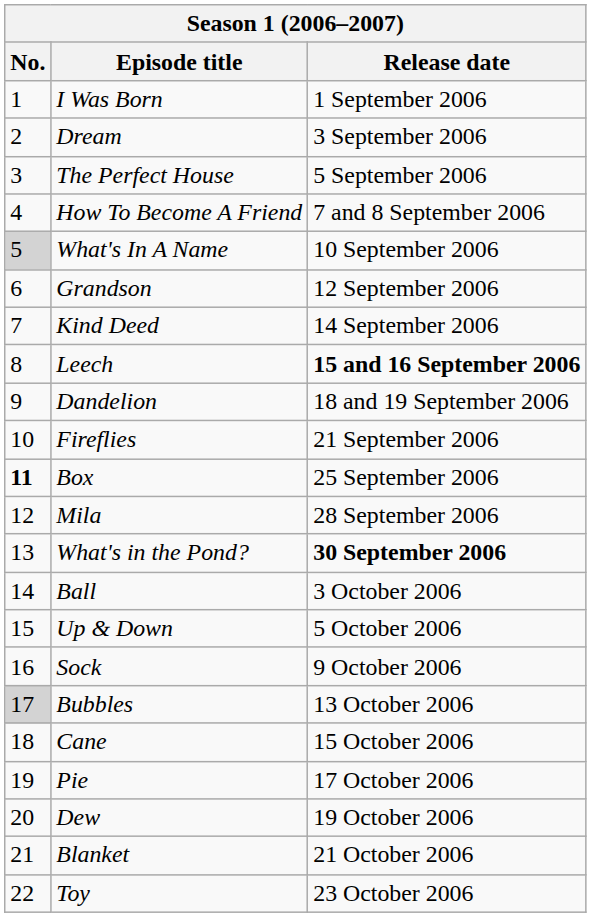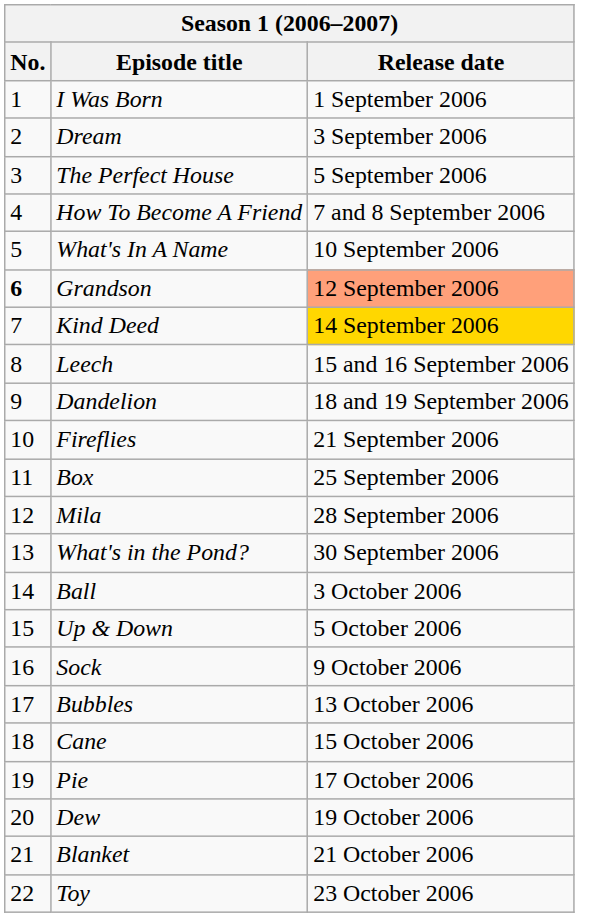 <table class="wikitable mw-collapsible">
 <tr>
 <th colspan="3">Season 1 (2006–2007)</th>
 </tr>
 <tr>
 <th>No.</th>
 <th>Episode title</th>
 <th>Release date</th>
 </tr>
 <tr>
 <td>1</td>
 <td><em>I Was Born</em></td>
 <td>1 September 2006</td>
 </tr>
 <tr>
 <td>2</td>
 <td><em>Dream</em></td>
 <td>3 September 2006</td>
 </tr>
 <tr>
 <td>3</td>
 <td><em>The Perfect House</em></td>
 <td>5 September 2006</td>
 </tr>
 <tr>
 <td>4</td>
 <td><em>How To Become A Friend</em></td>
 <td>7 and 8 September 2006</td>
 </tr>
 <tr>
-<td style="background: lightgrey;">5</td>
+<td>5</td>
 <td><em>What's In A Name</em></td>
 <td>10 September 2006</td>
 </tr>
 <tr>
-<td>6</td>
+<td><strong>6</strong></td>
 <td><em>Grandson</em></td>
-<td>12 September 2006</td>
+<td style="background: lightsalmon;">12 September 2006</td>
 </tr>
 <tr>
 <td>7</td>
 <td><em>Kind Deed</em></td>
-<td>14 September 2006</td>
+<td style="background: gold;">14 September 2006</td>
 </tr>
 <tr>
 <td>8</td>
 <td><em>Leech</em></td>
-<td><strong>15 and 16 September 2006</strong></td>
+<td>15 and 16 September 2006</td>
 </tr>
 <tr>
 <td>9</td>
 <td><em>Dandelion</em></td>
 <td>18 and 19 September 2006</td>
 </tr>
 <tr>
 <td>10</td>
 <td><em>Fireflies</em></td>
 <td>21 September 2006</td>
 </tr>
 <tr>
-<td><strong>11</strong></td>
+<td>11</td>
 <td><em>Box</em></td>
 <td>25 September 2006</td>
 </tr>
 <tr>
 <td>12</td>
 <td><em>Mila</em></td>
 <td>28 September 2006</td>
 </tr>
 <tr>
 <td>13</td>
 <td><em>What's in the Pond?</em></td>
-<td><strong>30 September 2006</strong></td>
+<td>30 September 2006</td>
 </tr>
 <tr>
 <td>14</td>
 <td><em>Ball</em></td>
 <td>3 October 2006</td>
 </tr>
 <tr>
 <td>15</td>
 <td><em>Up & Down</em></td>
 <td>5 October 2006</td>
 </tr>
 <tr>
 <td>16</td>
 <td><em>Sock</em></td>
 <td>9 October 2006</td>
 </tr>
 <tr>
-<td style="background: lightgrey;">17</td>
+<td>17</td>
 <td><em>Bubbles</em></td>
 <td>13 October 2006</td>
 </tr>
 <tr>
 <td>18</td>
 <td><em>Cane</em></td>
 <td>15 October 2006</td>
 </tr>
 <tr>
 <td>19</td>
 <td><em>Pie</em></td>
 <td>17 October 2006</td>
 </tr>
 <tr>
 <td>20</td>
 <td><em>Dew</em></td>
 <td>19 October 2006</td>
 </tr>
 <tr>
 <td>21</td>
 <td><em>Blanket</em></td>
 <td>21 October 2006</td>
 </tr>
 <tr>
 <td>22</td>
 <td><em>Toy</em></td>
 <td>23 October 2006</td>
 </tr>
 </table>
